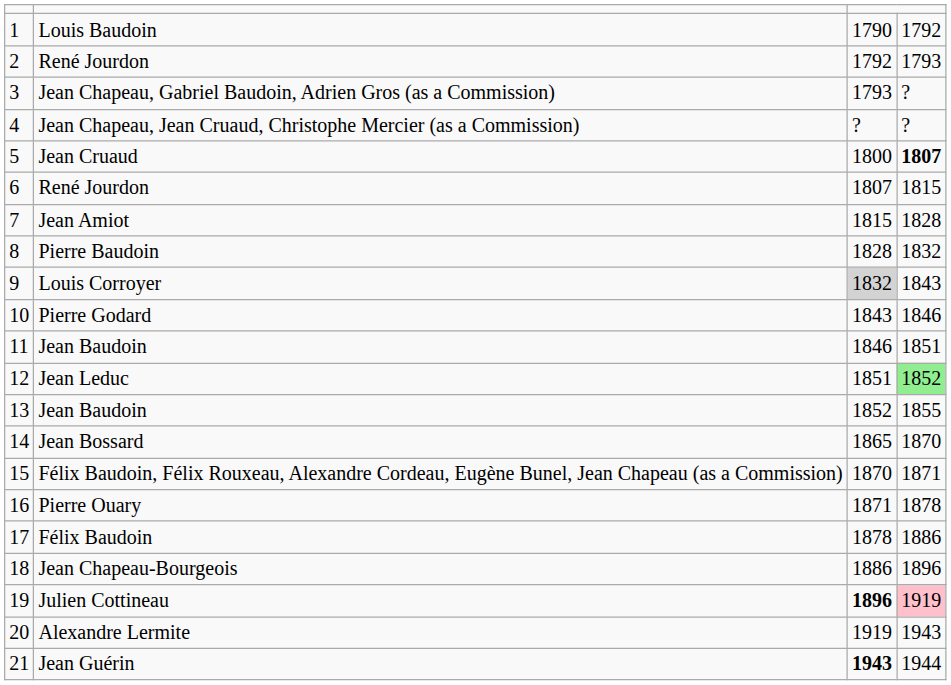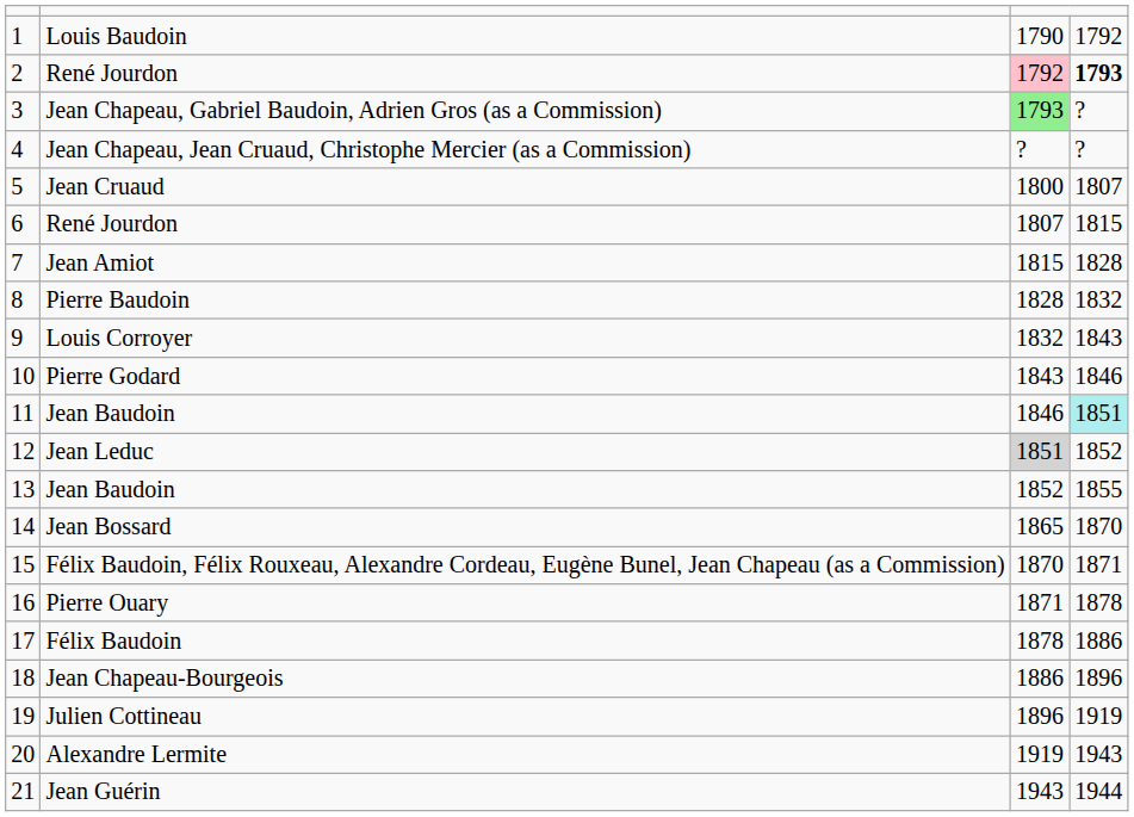 <table class="wikitable collapsible collapsed">
 <tr>
 <td><strong></strong></td>
 <td><strong></strong></td>
 <td colspan="2"><strong></strong></td>
 </tr>
 <tr>
 <td>1</td>
 <td>Louis Baudoin</td>
 <td>1790</td>
 <td>1792</td>
 </tr>
 <tr>
 <td>2</td>
 <td>René Jourdon</td>
-<td>1792</td>
-<td>1793</td>
+<td style="background: pink;">1792</td>
+<td><strong>1793</strong></td>
 </tr>
 <tr>
 <td>3</td>
 <td>Jean Chapeau, Gabriel Baudoin, Adrien Gros (as a Commission)</td>
-<td>1793</td>
+<td style="background: lightgreen;">1793</td>
 <td>?</td>
 </tr>
 <tr>
 <td>4</td>
 <td>Jean Chapeau, Jean Cruaud, Christophe Mercier (as a Commission)</td>
 <td>?</td>
 <td>?</td>
 </tr>
 <tr>
 <td>5</td>
 <td>Jean Cruaud</td>
 <td>1800</td>
-<td><strong>1807</strong></td>
+<td>1807</td>
 </tr>
 <tr>
 <td>6</td>
 <td>René Jourdon</td>
 <td>1807</td>
 <td>1815</td>
 </tr>
 <tr>
 <td>7</td>
 <td>Jean Amiot</td>
 <td>1815</td>
 <td>1828</td>
 </tr>
 <tr>
 <td>8</td>
 <td>Pierre Baudoin</td>
 <td>1828</td>
 <td>1832</td>
 </tr>
 <tr>
 <td>9</td>
 <td>Louis Corroyer</td>
-<td style="background: lightgrey;">1832</td>
+<td>1832</td>
 <td>1843</td>
 </tr>
 <tr>
 <td>10</td>
 <td>Pierre Godard</td>
 <td>1843</td>
 <td>1846</td>
 </tr>
 <tr>
 <td>11</td>
 <td>Jean Baudoin</td>
 <td>1846</td>
-<td>1851</td>
+<td style="background: paleturquoise;">1851</td>
 </tr>
 <tr>
 <td>12</td>
 <td>Jean Leduc</td>
-<td>1851</td>
-<td style="background: lightgreen;">1852</td>
+<td style="background: lightgrey;">1851</td>
+<td>1852</td>
 </tr>
 <tr>
 <td>13</td>
 <td>Jean Baudoin</td>
 <td>1852</td>
 <td>1855</td>
 </tr>
 <tr>
 <td>14</td>
 <td>Jean Bossard</td>
 <td>1865</td>
 <td>1870</td>
 </tr>
 <tr>
 <td>15</td>
 <td>Félix Baudoin, Félix Rouxeau, Alexandre Cordeau, Eugène Bunel, Jean Chapeau (as a Commission)</td>
 <td>1870</td>
 <td>1871</td>
 </tr>
 <tr>
 <td>16</td>
 <td>Pierre Ouary</td>
 <td>1871</td>
 <td>1878</td>
 </tr>
 <tr>
 <td>17</td>
 <td>Félix Baudoin</td>
 <td>1878</td>
 <td>1886</td>
 </tr>
 <tr>
 <td>18</td>
 <td>Jean Chapeau-Bourgeois</td>
 <td>1886</td>
 <td>1896</td>
 </tr>
 <tr>
 <td>19</td>
 <td>Julien Cottineau</td>
-<td><strong>1896</strong></td>
-<td style="background: pink;">1919</td>
+<td>1896</td>
+<td>1919</td>
 </tr>
 <tr>
 <td>20</td>
 <td>Alexandre Lermite</td>
 <td>1919</td>
 <td>1943</td>
 </tr>
 <tr>
 <td>21</td>
 <td>Jean Guérin</td>
-<td><strong>1943</strong></td>
+<td>1943</td>
 <td>1944</td>
 </tr>
 </table>
